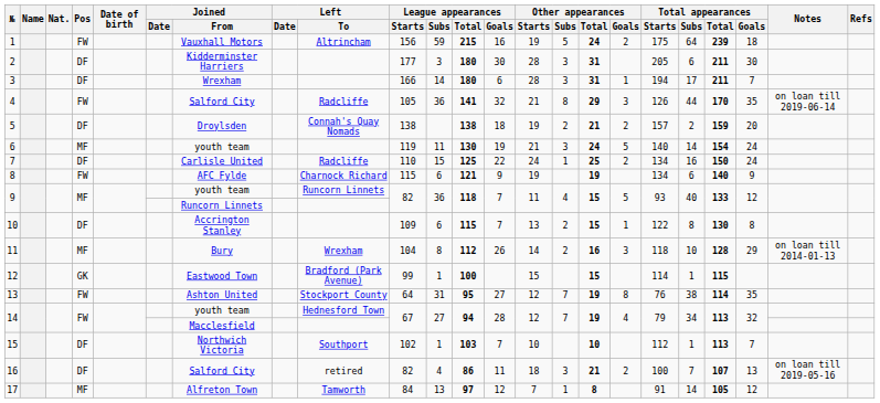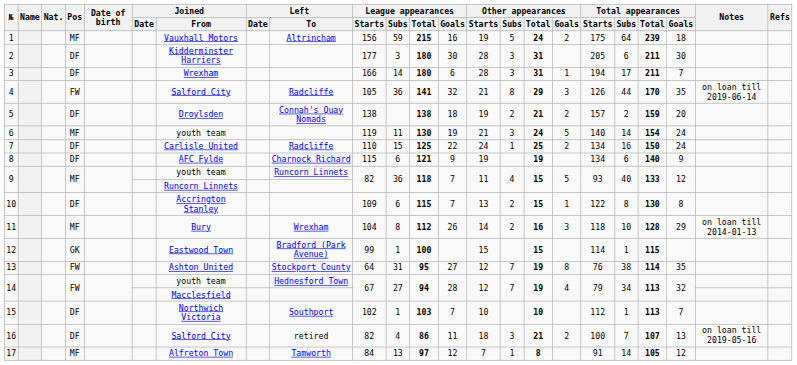 <table class="wikitable plainrowheaders sortable" style="text-align:center">
 <tr>
 <th rowspan=2 scope=col class=unsortable>№</th>
 <th rowspan=2 scope=col>Name</th>
 <th rowspan=2 scope=col>Nat.</th>
 <th rowspan=2 scope=col>Pos</th>
 <th rowspan=2 scope=col>Date of birth</th>
 <th colspan=2 scope=col>Joined</th>
 <th colspan=2 scope=col>Left</th>
 <th colspan=4>League appearances</th>
 <th colspan=4>Other appearances</th>
 <th colspan=4>Total appearances</th>
 <th rowspan=2 scope=col class=unsortable>Notes</th>
 <th rowspan=2 scope=col class=unsortable>Refs</th>
 </tr>
 <tr>
 <th scope=col>Date</th>
 <th scope=col>From</th>
 <th scope=col>Date</th>
 <th scope=col>To</th>
 <th scope=col>Starts</th>
 <th scope=col>Subs</th>
 <th scope=col>Total</th>
 <th scope=col>Goals</th>
 <th scope=col>Starts</th>
 <th scope=col>Subs</th>
 <th scope=col>Total</th>
 <th scope=col>Goals</th>
 <th scope=col>Starts</th>
 <th scope=col>Subs</th>
 <th scope=col>Total</th>
 <th scope=col>Goals</th>
 </tr>
 <tr>
 <td>1</td>
 <th scope=row style=text-align:left></th>
 <td></td>
-<td>FW</td>
+<td>MF</td>
 <td></td>
 <td></td>
 <td><a href='#'>Vauxhall Motors</a></td>
 <td></td>
 <td><a href='#'>Altrincham</a></td>
 <td>156</td>
 <td>59</td>
 <td><strong>215</strong></td>
 <td>16</td>
 <td>19</td>
 <td>5</td>
 <td><strong>24</strong></td>
 <td>2</td>
 <td>175</td>
 <td>64</td>
 <td><strong>239</strong></td>
 <td>18</td>
 <td></td>
 <td></td>
 </tr>
 <tr>
 <td>2</td>
 <th scope=row style=text-align:left><strong></strong></th>
 <td></td>
 <td>DF</td>
 <td></td>
 <td></td>
 <td><a href='#'>Kidderminster Harriers</a></td>
 <td></td>
 <td></td>
 <td>177</td>
 <td>3</td>
 <td><strong>180</strong></td>
 <td>30</td>
 <td>28</td>
 <td>3</td>
 <td><strong>31</strong></td>
 <td></td>
 <td>205</td>
 <td>6</td>
 <td><strong>211</strong></td>
 <td>30</td>
 <td></td>
 <td></td>
 </tr>
 <tr>
 <td>3</td>
 <th scope=row style=text-align:left><strong></strong></th>
 <td></td>
 <td>DF</td>
 <td></td>
 <td></td>
 <td><a href='#'>Wrexham</a></td>
 <td></td>
 <td></td>
 <td>166</td>
 <td>14</td>
 <td><strong>180</strong></td>
 <td>6</td>
 <td>28</td>
 <td>3</td>
 <td><strong>31</strong></td>
 <td>1</td>
 <td>194</td>
 <td>17</td>
 <td><strong>211</strong></td>
 <td>7</td>
 <td></td>
 <td></td>
 </tr>
 <tr>
 <td>4</td>
 <th scope=row style=text-align:left></th>
 <td></td>
 <td>FW</td>
 <td></td>
 <td></td>
 <td><a href='#'>Salford City</a></td>
 <td></td>
 <td><a href='#'>Radcliffe</a></td>
 <td>105</td>
 <td>36</td>
 <td><strong>141</strong></td>
 <td>32</td>
 <td>21</td>
 <td>8</td>
 <td><strong>29</strong></td>
 <td>3</td>
 <td>126</td>
 <td>44</td>
 <td><strong>170</strong></td>
 <td>35</td>
 <td>on loan till 2019-06-14</td>
 <td></td>
 </tr>
 <tr>
 <td>5</td>
 <th scope=row style=text-align:left></th>
 <td></td>
 <td>DF</td>
 <td></td>
 <td></td>
 <td><a href='#'>Droylsden</a></td>
 <td></td>
 <td><a href='#'>Connah's Quay Nomads</a></td>
 <td>138</td>
 <td></td>
 <td><strong>138</strong></td>
 <td>18</td>
 <td>19</td>
 <td>2</td>
 <td><strong>21</strong></td>
 <td>2</td>
 <td>157</td>
 <td>2</td>
 <td><strong>159</strong></td>
 <td>20</td>
 <td></td>
 <td></td>
 </tr>
 <tr>
 <td>6</td>
 <th scope=row style=text-align:left><strong></strong></th>
 <td></td>
 <td>MF</td>
 <td></td>
 <td></td>
 <td>youth team</td>
 <td></td>
 <td></td>
 <td>119</td>
 <td>11</td>
 <td><strong>130</strong></td>
 <td>19</td>
 <td>21</td>
 <td>3</td>
 <td><strong>24</strong></td>
 <td>5</td>
 <td>140</td>
 <td>14</td>
 <td><strong>154</strong></td>
 <td>24</td>
 <td></td>
 <td></td>
 </tr>
 <tr>
 <td>7</td>
 <th scope=row style=text-align:left></th>
 <td></td>
 <td>DF</td>
 <td></td>
 <td></td>
 <td><a href='#'>Carlisle United</a></td>
 <td></td>
 <td><a href='#'>Radcliffe</a></td>
 <td>110</td>
 <td>15</td>
 <td><strong>125</strong></td>
 <td>22</td>
 <td>24</td>
 <td>1</td>
 <td><strong>25</strong></td>
 <td>2</td>
 <td>134</td>
 <td>16</td>
 <td><strong>150</strong></td>
 <td>24</td>
 <td></td>
 <td></td>
 </tr>
 <tr>
 <td>8</td>
 <th scope=row style=text-align:left></th>
 <td></td>
-<td>FW</td>
+<td>DF</td>
 <td></td>
 <td></td>
 <td><a href='#'>AFC Fylde</a></td>
 <td></td>
 <td><a href='#'>Charnock Richard</a></td>
 <td>115</td>
 <td>6</td>
 <td><strong>121</strong></td>
 <td>9</td>
 <td>19</td>
 <td></td>
 <td><strong>19</strong></td>
 <td></td>
 <td>134</td>
 <td>6</td>
 <td><strong>140</strong></td>
 <td>9</td>
 <td></td>
 <td></td>
 </tr>
 <tr>
 <td rowspan=2>9</td>
 <th scope=row style=text-align:left rowspan=2><strong></strong></th>
 <td rowspan=2></td>
 <td rowspan=2>MF</td>
 <td rowspan=2></td>
 <td></td>
 <td>youth team</td>
 <td></td>
 <td><a href='#'>Runcorn Linnets</a></td>
 <td rowspan=2>82</td>
 <td rowspan=2>36</td>
 <td rowspan=2><strong>118</strong></td>
 <td rowspan=2>7</td>
 <td rowspan=2>11</td>
 <td rowspan=2>4</td>
 <td rowspan=2><strong>15</strong></td>
 <td rowspan=2>5</td>
 <td rowspan=2>93</td>
 <td rowspan=2>40</td>
 <td rowspan=2><strong>133</strong></td>
 <td rowspan=2>12</td>
 <td rowspan=2></td>
 <td rowspan=2></td>
 </tr>
 <tr>
 <td></td>
 <td><a href='#'>Runcorn Linnets</a></td>
 <td></td>
 <td></td>
 </tr>
 <tr>
 <td>10</td>
 <th scope=row style=text-align:left><strong></strong></th>
 <td></td>
 <td>DF</td>
 <td></td>
 <td></td>
 <td><a href='#'>Accrington Stanley</a></td>
 <td></td>
 <td></td>
 <td>109</td>
 <td>6</td>
 <td><strong>115</strong></td>
 <td>7</td>
 <td>13</td>
 <td>2</td>
 <td><strong>15</strong></td>
 <td>1</td>
 <td>122</td>
 <td>8</td>
 <td><strong>130</strong></td>
 <td>8</td>
 <td></td>
 <td></td>
 </tr>
 <tr>
 <td>11</td>
 <th scope=row style=text-align:left></th>
 <td></td>
 <td>MF</td>
 <td></td>
 <td></td>
 <td><a href='#'>Bury</a></td>
 <td></td>
 <td><a href='#'>Wrexham</a></td>
 <td>104</td>
 <td>8</td>
 <td><strong>112</strong></td>
 <td>26</td>
 <td>14</td>
 <td>2</td>
 <td><strong>16</strong></td>
 <td>3</td>
 <td>118</td>
 <td>10</td>
 <td><strong>128</strong></td>
 <td>29</td>
 <td>on loan till 2014-01-13</td>
 <td></td>
 </tr>
 <tr>
 <td>12</td>
 <th scope=row style=text-align:left></th>
 <td></td>
 <td>GK</td>
 <td></td>
 <td></td>
 <td><a href='#'>Eastwood Town</a></td>
 <td></td>
 <td><a href='#'>Bradford (Park Avenue)</a></td>
 <td>99</td>
 <td>1</td>
 <td><strong>100</strong></td>
 <td></td>
 <td>15</td>
 <td></td>
 <td><strong>15</strong></td>
 <td></td>
 <td>114</td>
 <td>1</td>
 <td><strong>115</strong></td>
 <td></td>
 <td></td>
 <td></td>
 </tr>
 <tr>
 <td>13</td>
 <th scope=row style=text-align:left></th>
 <td></td>
 <td>FW</td>
 <td></td>
 <td></td>
 <td><a href='#'>Ashton United</a></td>
 <td></td>
 <td><a href='#'>Stockport County</a></td>
 <td>64</td>
 <td>31</td>
 <td><strong>95</strong></td>
 <td>27</td>
 <td>12</td>
 <td>7</td>
 <td><strong>19</strong></td>
 <td>8</td>
 <td>76</td>
 <td>38</td>
 <td><strong>114</strong></td>
 <td>35</td>
 <td></td>
 <td></td>
 </tr>
 <tr>
 <td rowspan=2>14</td>
 <th scope=row style=text-align:left rowspan=2><strong></strong></th>
 <td rowspan=2></td>
 <td rowspan=2>FW</td>
 <td rowspan=2></td>
 <td></td>
 <td>youth team</td>
 <td></td>
 <td><a href='#'>Hednesford Town</a></td>
 <td rowspan=2>67</td>
 <td rowspan=2>27</td>
 <td rowspan=2><strong>94</strong></td>
 <td rowspan=2>28</td>
 <td rowspan=2>12</td>
 <td rowspan=2>7</td>
 <td rowspan=2><strong>19</strong></td>
 <td rowspan=2>4</td>
 <td rowspan=2>79</td>
 <td rowspan=2>34</td>
 <td rowspan=2><strong>113</strong></td>
 <td rowspan=2>32</td>
 <td></td>
 <td></td>
 </tr>
 <tr>
 <td></td>
 <td><a href='#'>Macclesfield</a></td>
 <td></td>
 <td></td>
 <td></td>
 </tr>
 <tr>
 <td>15</td>
 <th scope=row style=text-align:left></th>
 <td></td>
 <td>DF</td>
 <td></td>
 <td></td>
 <td><a href='#'>Northwich Victoria</a></td>
 <td></td>
 <td><a href='#'>Southport</a></td>
 <td>102</td>
 <td>1</td>
 <td><strong>103</strong></td>
 <td>7</td>
 <td>10</td>
 <td></td>
 <td><strong>10</strong></td>
 <td></td>
 <td>112</td>
 <td>1</td>
 <td><strong>113</strong></td>
 <td>7</td>
 <td></td>
 <td></td>
 </tr>
 <tr>
 <td>16</td>
 <th scope=row style=text-align:left></th>
 <td></td>
 <td>DF</td>
 <td></td>
 <td></td>
 <td><a href='#'>Salford City</a></td>
 <td></td>
 <td>retired</td>
 <td>82</td>
 <td>4</td>
 <td><strong>86</strong></td>
 <td>11</td>
 <td>18</td>
 <td>3</td>
 <td><strong>21</strong></td>
 <td>2</td>
 <td>100</td>
 <td>7</td>
 <td><strong>107</strong></td>
 <td>13</td>
 <td>on loan till 2019-05-16</td>
 <td></td>
 </tr>
 <tr>
 <td>17</td>
 <th scope=row style=text-align:left></th>
 <td></td>
 <td>MF</td>
 <td></td>
 <td></td>
 <td><a href='#'>Alfreton Town</a></td>
 <td></td>
 <td><a href='#'>Tamworth</a></td>
 <td>84</td>
 <td>13</td>
 <td><strong>97</strong></td>
 <td>12</td>
 <td>7</td>
 <td>1</td>
 <td><strong>8</strong></td>
 <td></td>
 <td>91</td>
 <td>14</td>
 <td><strong>105</strong></td>
 <td>12</td>
 <td></td>
 <td></td>
 </tr>
 </table>
